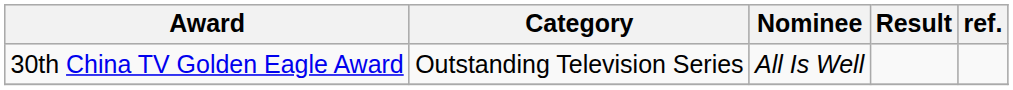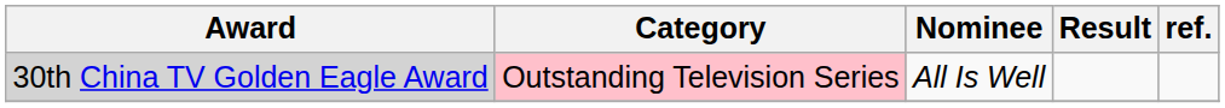 <table class="wikitable">
 <tr>
 <th>Award</th>
 <th>Category</th>
 <th>Nominee</th>
 <th>Result</th>
 <th>ref.</th>
 </tr>
 <tr>
-<td>30th <a href='#'>China TV Golden Eagle Award</a></td>
-<td>Outstanding Television Series</td>
+<td style="background: lightgrey;">30th <a href='#'>China TV Golden Eagle Award</a></td>
+<td style="background: pink;">Outstanding Television Series</td>
 <td><em>All Is Well</em></td>
 <td></td>
 <td></td>
 </tr>
 <tr>
 </tr>
 </table>
